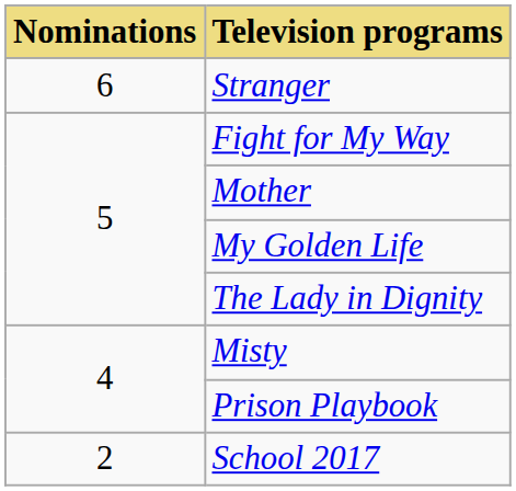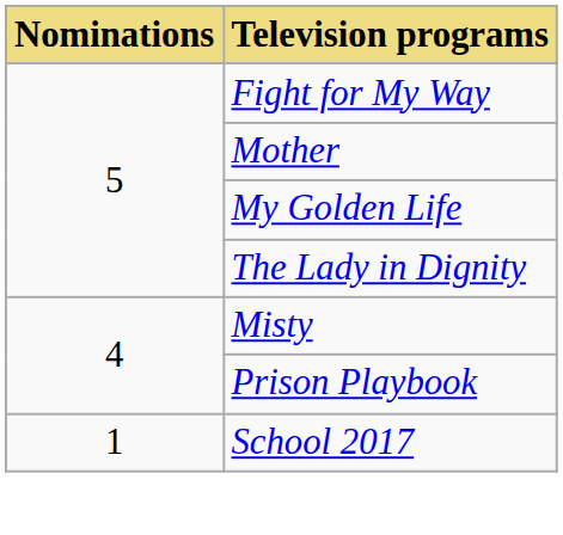 <table class="wikitable">
 <tr>
 <th style="background:#EEDD82; text-align:center">Nominations</th>
 <th style="background:#EEDD82; text-align:center">Television programs</th>
-</tr>
-<tr>
-<td style="text-align:center">6</td>
-<td><em><a href='#'>Stranger</a></em></td>
 </tr>
 <tr>
 <td rowspan="4" style="text-align:center">5</td>
 <td><em><a href='#'>Fight for My Way</a></em></td>
 </tr>
 <tr>
 <td><em><a href='#'>Mother</a></em></td>
 </tr>
 <tr>
 <td><em><a href='#'>My Golden Life</a></em></td>
 </tr>
 <tr>
 <td><em><a href='#'>The Lady in Dignity</a></em></td>
 </tr>
 <tr>
 <td rowspan="2" style="text-align:center">4</td>
 <td><em><a href='#'>Misty</a></em></td>
 </tr>
 <tr>
 <td><em><a href='#'>Prison Playbook</a></em></td>
 </tr>
 <tr>
-<td style="text-align:center">2</td>
+<td style="text-align:center">1</td>
 <td><em><a href='#'>School 2017</a></em></td>
 </tr>
 </table>
